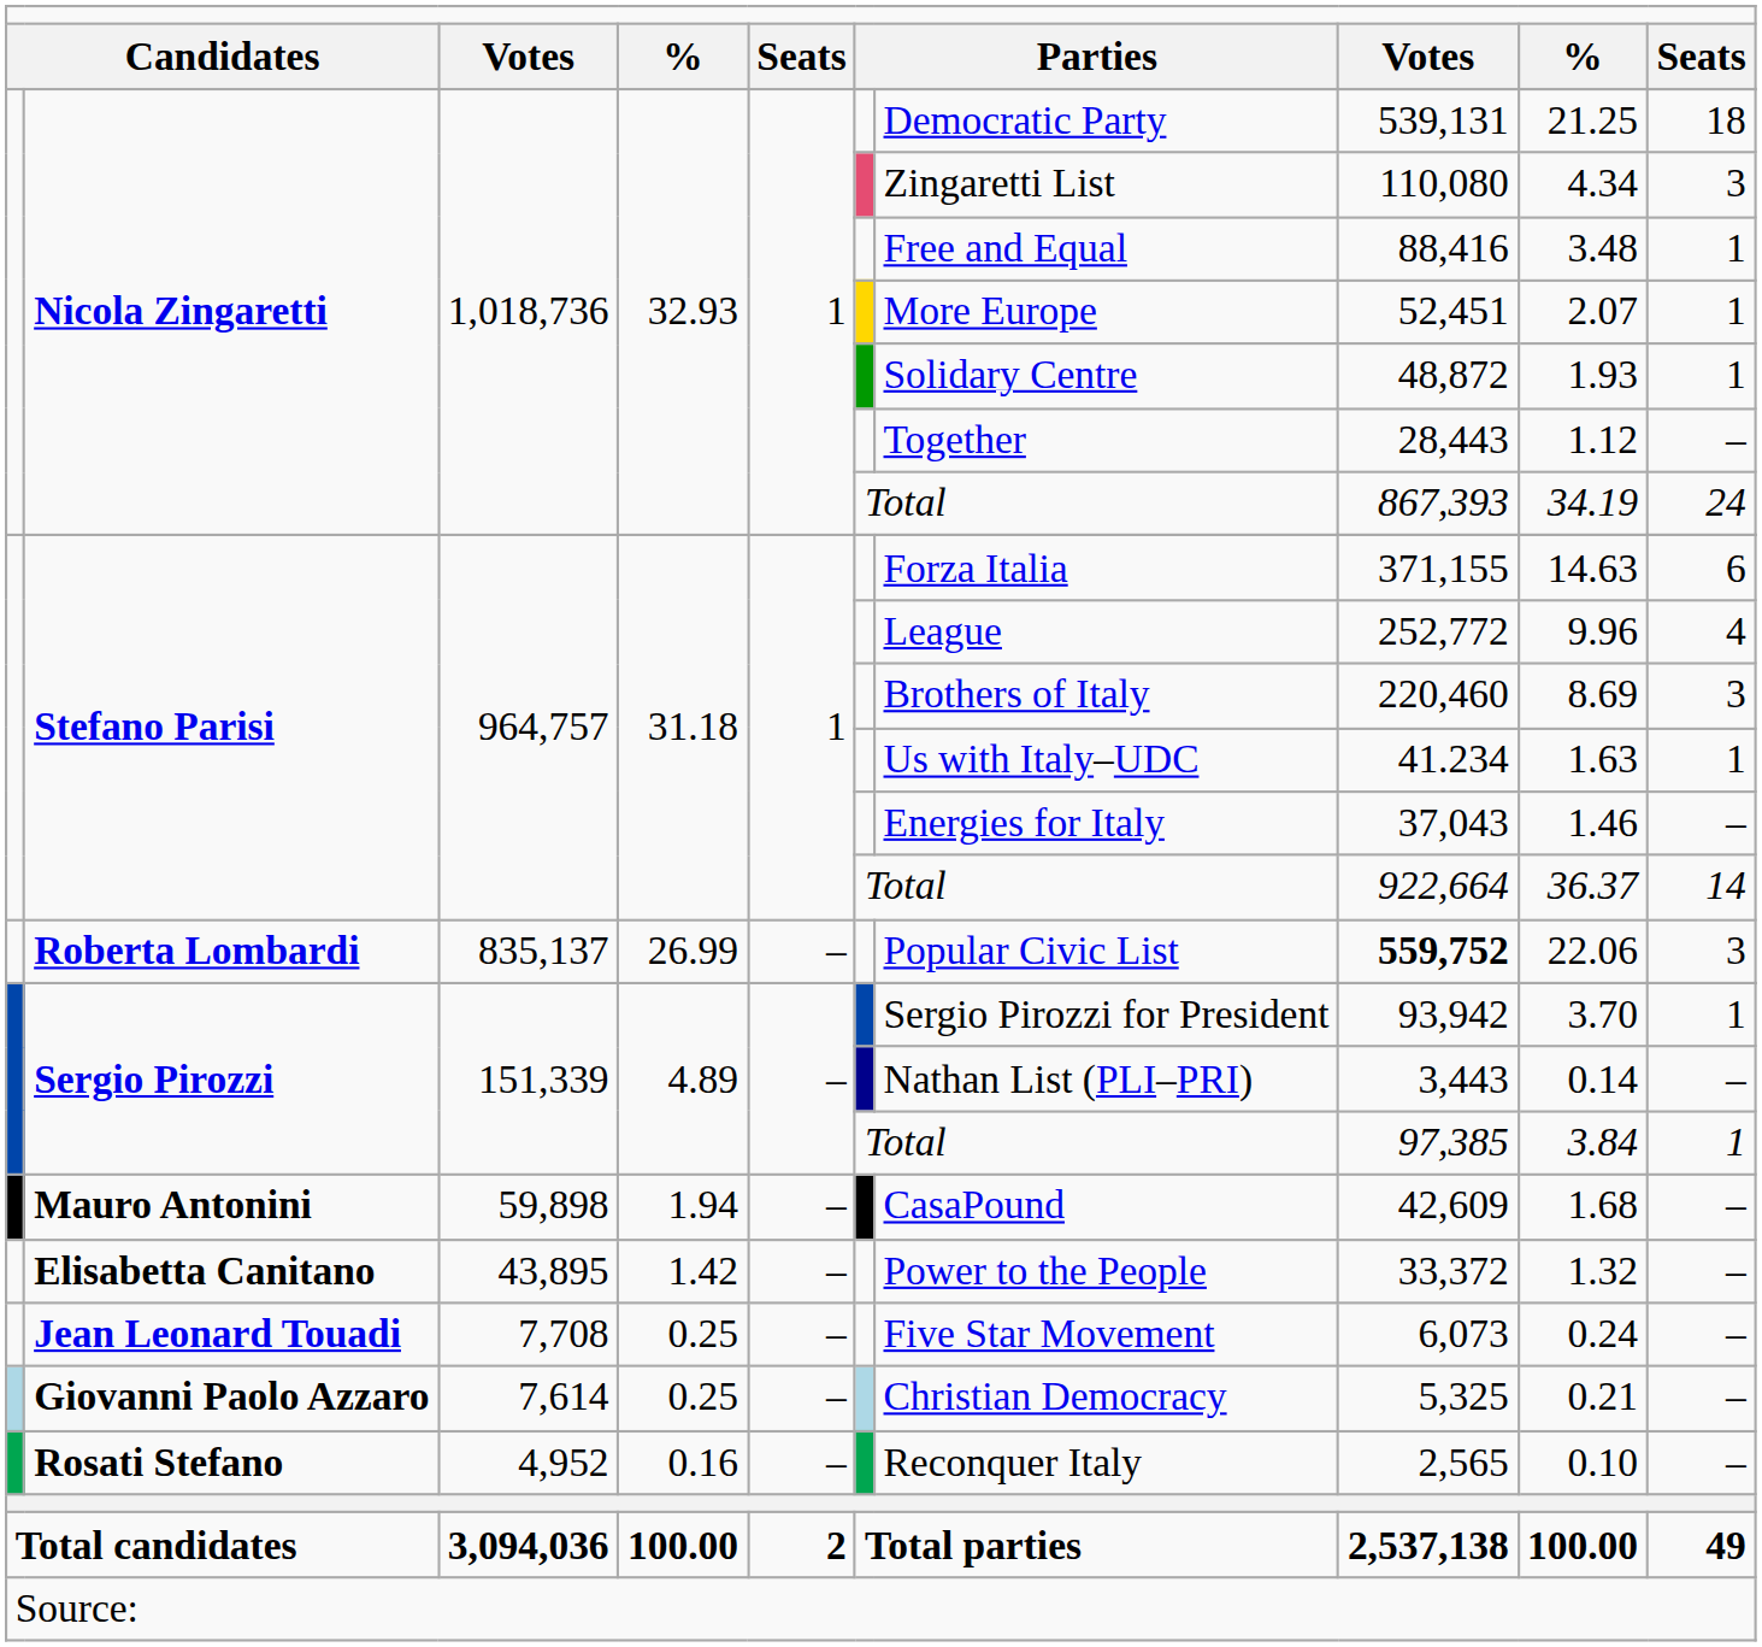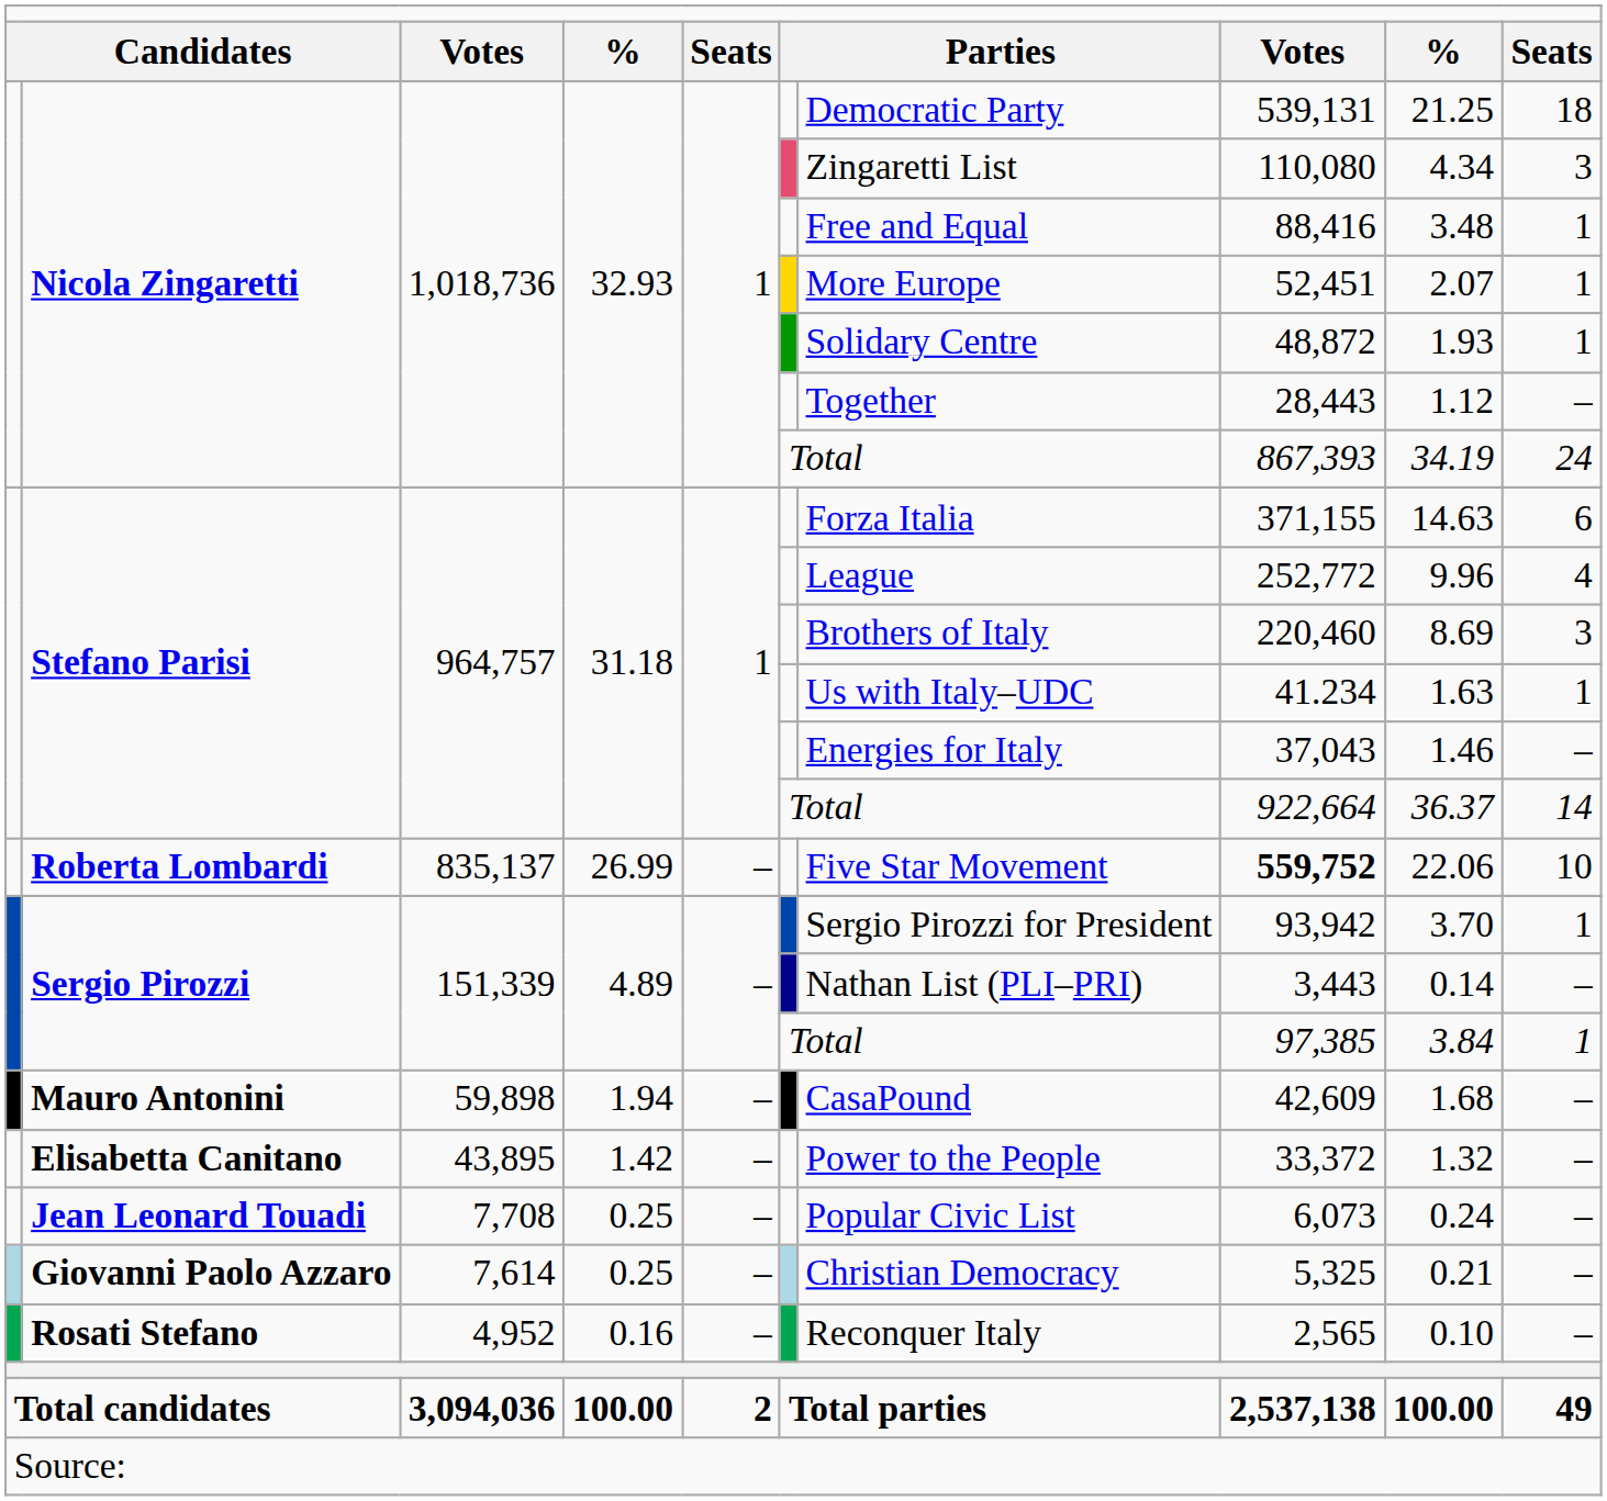 <table class="wikitable">
 <tr>
 <td colspan=10></td>
 </tr>
 <tr>
 <th colspan=2>Candidates</th>
 <th>Votes</th>
 <th>%</th>
 <th>Seats</th>
 <th colspan=2>Parties</th>
 <th>Votes</th>
 <th>%</th>
 <th>Seats</th>
 </tr>
 <tr>
 <td rowspan=8></td>
 <td rowspan=8><strong><a href='#'>Nicola Zingaretti</a></strong></td>
 <td rowspan=8 align=right>1,018,736</td>
 <td rowspan=8 align=right>32.93</td>
 <td rowspan=8 align=right>1</td>
 </tr>
 <tr>
 <td></td>
 <td><a href='#'>Democratic Party</a></td>
 <td align=right>539,131</td>
 <td align=right>21.25</td>
 <td align=right>18</td>
 </tr>
 <tr>
 <td bgcolor="#E54C72"></td>
 <td>Zingaretti List</td>
 <td align=right>110,080</td>
 <td align=right>4.34</td>
 <td align=right>3</td>
 </tr>
 <tr>
 <td></td>
 <td><a href='#'>Free and Equal</a></td>
 <td align=right>88,416</td>
 <td align=right>3.48</td>
 <td align=right>1</td>
 </tr>
 <tr>
 <td bgcolor="gold"></td>
 <td><a href='#'>More Europe</a></td>
 <td align=right>52,451</td>
 <td align=right>2.07</td>
 <td align=right>1</td>
 </tr>
 <tr>
 <td bgcolor="#009900"></td>
 <td><a href='#'>Solidary Centre</a></td>
 <td align=right>48,872</td>
 <td align=right>1.93</td>
 <td align=right>1</td>
 </tr>
 <tr>
 <td></td>
 <td><a href='#'>Together</a></td>
 <td align=right>28,443</td>
 <td align=right>1.12</td>
 <td align=right>–</td>
 </tr>
 <tr>
 <td colspan=2><em>Total</em></td>
 <td align=right><em>867,393</em></td>
 <td align=right><em>34.19</em></td>
 <td align=right><em>24</em></td>
 </tr>
 <tr>
 <td rowspan=7></td>
 <td rowspan=7><strong><a href='#'>Stefano Parisi</a></strong></td>
 <td rowspan=7 align=right>964,757</td>
 <td rowspan=7 align=right>31.18</td>
 <td rowspan=7 align=right>1</td>
 </tr>
 <tr>
 <td></td>
 <td><a href='#'>Forza Italia</a></td>
 <td align=right>371,155</td>
 <td align=right>14.63</td>
 <td align=right>6</td>
 </tr>
 <tr>
 <td></td>
 <td><a href='#'>League</a></td>
 <td align=right>252,772</td>
 <td align=right>9.96</td>
 <td align=right>4</td>
 </tr>
 <tr>
 <td></td>
 <td><a href='#'>Brothers of Italy</a></td>
 <td align=right>220,460</td>
 <td align=right>8.69</td>
 <td align=right>3</td>
 </tr>
 <tr>
 <td></td>
 <td><a href='#'>Us with Italy</a>–<a href='#'>UDC</a></td>
 <td align=right>41.234</td>
 <td align=right>1.63</td>
 <td align=right>1</td>
 </tr>
 <tr>
 <td></td>
 <td><a href='#'>Energies for Italy</a></td>
 <td align=right>37,043</td>
 <td align=right>1.46</td>
 <td align=right>–</td>
 </tr>
 <tr>
 <td colspan=2><em>Total</em></td>
 <td align=right><em>922,664</em></td>
 <td align=right><em>36.37 </em></td>
 <td align=right><em>14</em></td>
 </tr>
 <tr>
 <td></td>
 <td><strong><a href='#'>Roberta Lombardi</a></strong></td>
 <td align=right>835,137</td>
 <td align=right>26.99</td>
 <td align=right>–</td>
 <td></td>
-<td><a href='#'>Popular Civic List</a></td>
+<td><a href='#'>Five Star Movement</a></td>
 <td align=right><strong>559,752</strong></td>
 <td align=right>22.06</td>
-<td align=right>3</td>
+<td align=right>10</td>
 </tr>
 <tr>
 <td rowspan=4 bgcolor="#0045AA"></td>
 <td rowspan=4><strong><a href='#'>Sergio Pirozzi</a></strong></td>
 <td rowspan=4 align=right>151,339</td>
 <td rowspan=4 align=right>4.89</td>
 <td rowspan=4 align=right>–</td>
 </tr>
 <tr>
 <td bgcolor="#0045AA"></td>
 <td>Sergio Pirozzi for President</td>
 <td align=right>93,942</td>
 <td align=right>3.70</td>
 <td align=right>1</td>
 </tr>
 <tr>
 <td bgcolor="darkblue"></td>
 <td>Nathan List (<a href='#'>PLI</a>–<a href='#'>PRI</a>)</td>
 <td align=right>3,443</td>
 <td align=right>0.14</td>
 <td align=right>–</td>
 </tr>
 <tr>
 <td colspan=2><em>Total</em></td>
 <td align=right><em>97,385</em></td>
 <td align=right><em>3.84</em></td>
 <td align=right><em>1</em></td>
 </tr>
 <tr>
 <td bgcolor="black"></td>
 <td><strong>Mauro Antonini</strong></td>
 <td align=right>59,898</td>
 <td align=right>1.94</td>
 <td align=right>–</td>
 <td bgcolor="black"></td>
 <td><a href='#'>CasaPound</a></td>
 <td align=right>42,609</td>
 <td align=right>1.68</td>
 <td align=right>–</td>
 </tr>
 <tr>
 <td></td>
 <td><strong>Elisabetta Canitano</strong></td>
 <td align=right>43,895</td>
 <td align=right>1.42</td>
 <td align=right>–</td>
 <td></td>
 <td><a href='#'>Power to the People</a></td>
 <td align=right>33,372</td>
 <td align=right>1.32</td>
 <td align=right>–</td>
 </tr>
 <tr>
 <td></td>
 <td><strong><a href='#'>Jean Leonard Touadi</a></strong></td>
 <td align=right>7,708</td>
 <td align=right>0.25</td>
 <td align=right>–</td>
 <td></td>
-<td><a href='#'>Five Star Movement</a></td>
+<td><a href='#'>Popular Civic List</a></td>
 <td align=right>6,073</td>
 <td align=right>0.24</td>
 <td align=right>–</td>
 </tr>
 <tr>
 <td bgcolor="lightblue"></td>
 <td><strong>Giovanni Paolo Azzaro</strong></td>
 <td align=right>7,614</td>
 <td align=right>0.25</td>
 <td align=right>–</td>
 <td bgcolor="lightblue"></td>
 <td><a href='#'>Christian Democracy</a></td>
 <td align=right>5,325</td>
 <td align=right>0.21</td>
 <td align=right>–</td>
 </tr>
 <tr>
 <td bgcolor="#00A650"></td>
 <td><strong>Rosati Stefano</strong></td>
 <td align=right>4,952</td>
 <td align=right>0.16</td>
 <td align=right>–</td>
 <td bgcolor="#00A650"></td>
 <td>Reconquer Italy</td>
 <td align=right>2,565</td>
 <td align=right>0.10</td>
 <td align=right>–</td>
 </tr>
 <tr>
 <th colspan=10></th>
 </tr>
 <tr>
 <td colspan=2><strong>Total candidates</strong></td>
 <td align=right><strong>3,094,036</strong></td>
 <td align=right><strong>100.00</strong></td>
 <td align=right><strong>2</strong></td>
 <td colspan=2><strong>Total parties</strong></td>
 <td align=right><strong>2,537,138</strong></td>
 <td align=right><strong>100.00</strong></td>
 <td align=right><strong>49</strong></td>
 </tr>
 <tr>
 <td colspan=10>Source: </td>
 </tr>
 </table>
